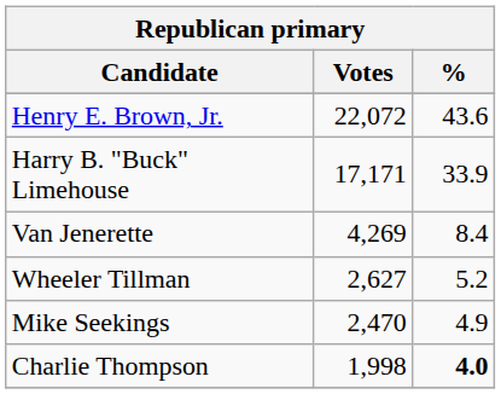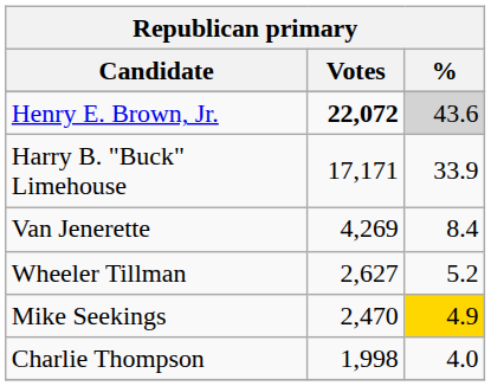 <table class="wikitable" align="left" style="margin: 1em 1em 1em 0; font-size: 95%;">
 <tr>
 <th colspan="3">Republican primary</th>
 </tr>
 <tr>
 <th colspan="1" style="width: 170px">Candidate</th>
 <th style="width: 50px">Votes</th>
 <th style="width: 40px">%</th>
 </tr>
 <tr>
 </tr>
 <tr>
 <td><a href='#'>Henry E. Brown, Jr.</a></td>
-<td align="right">22,072</td>
-<td align="right">43.6</td>
+<td align="right"><strong>22,072</strong></td>
+<td align="right" style="background: lightgrey;">43.6</td>
 </tr>
 <tr>
 <td>Harry B. "Buck" Limehouse</td>
 <td align="right">17,171</td>
 <td align="right">33.9</td>
 </tr>
 <tr>
 <td>Van Jenerette</td>
 <td align="right">4,269</td>
 <td align="right">8.4</td>
 </tr>
 <tr>
 <td>Wheeler Tillman</td>
 <td align="right">2,627</td>
 <td align="right">5.2</td>
 </tr>
 <tr>
 <td>Mike Seekings</td>
 <td align="right">2,470</td>
-<td align="right">4.9</td>
+<td align="right" style="background: gold;">4.9</td>
 </tr>
 <tr>
 <td>Charlie Thompson</td>
 <td align="right">1,998</td>
-<td align="right"><strong>4.0</strong></td>
+<td align="right">4.0</td>
 </tr>
 <tr>
 </tr>
 </table>
